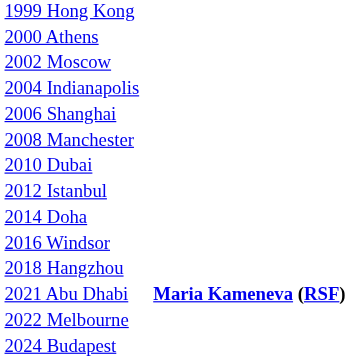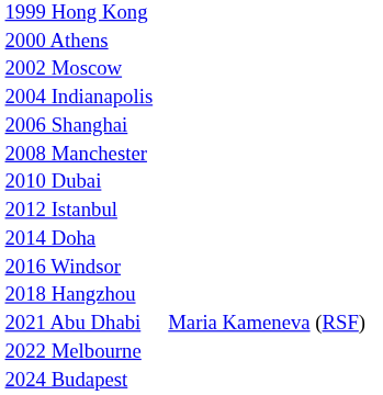 <table>
 <tr>
 <td><a href='#'>1999 Hong Kong</a></td>
 <td></td>
 <td></td>
 <td></td>
 </tr>
 <tr>
 <td><a href='#'>2000 Athens</a></td>
 <td></td>
 <td></td>
 <td></td>
 </tr>
 <tr>
 <td><a href='#'>2002 Moscow</a></td>
 <td></td>
 <td></td>
 <td></td>
 </tr>
 <tr>
 <td><a href='#'>2004 Indianapolis</a></td>
 <td></td>
 <td></td>
 <td></td>
 </tr>
 <tr>
 <td><a href='#'>2006 Shanghai</a></td>
 <td></td>
 <td></td>
 <td></td>
 </tr>
 <tr>
 <td><a href='#'>2008 Manchester</a></td>
 <td></td>
 <td></td>
 <td></td>
 </tr>
 <tr>
 <td><a href='#'>2010 Dubai</a></td>
 <td></td>
 <td></td>
 <td></td>
 </tr>
 <tr>
 <td><a href='#'>2012 Istanbul</a></td>
 <td></td>
 <td></td>
 <td></td>
 </tr>
 <tr>
 <td><a href='#'>2014 Doha</a></td>
 <td></td>
 <td></td>
 <td></td>
 </tr>
 <tr>
 <td><a href='#'>2016 Windsor</a></td>
 <td></td>
 <td></td>
 <td></td>
 </tr>
 <tr>
 <td><a href='#'>2018 Hangzhou</a></td>
 <td></td>
 <td></td>
 <td></td>
 </tr>
 <tr>
 <td><a href='#'>2021 Abu Dhabi</a></td>
 <td></td>
 <td></td>
-<td><strong><a href='#'>Maria Kameneva</a> (<a href='#'>RSF</a>)</strong></td>
+<td><a href='#'>Maria Kameneva</a> (<a href='#'>RSF</a>)</td>
 </tr>
 <tr>
 <td><a href='#'>2022 Melbourne</a></td>
 <td></td>
 <td></td>
 <td></td>
 </tr>
 <tr>
 <td><a href='#'>2024 Budapest</a></td>
 <td></td>
 <td></td>
 <td></td>
 </tr>
 </table>
